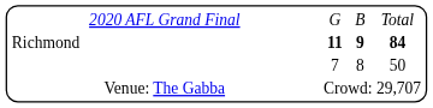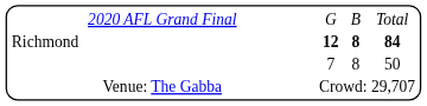 <table style="margin-right:4px; margin-top:8px; float:right; border:1px #000 solid; border-radius:8px; background:#fff; font-family:Verdana; font-size:8pt; text-align:center;">
 <tr>
 <td style="width:200px;"><em><a href='#'>2020 AFL Grand Final</a></em></td>
 <td><em>G</em></td>
 <td><em>B</em></td>
 <td><em>Total</em></td>
 </tr>
 <tr>
 <td style="text-align:left">Richmond</td>
-<td><strong>11</strong></td>
-<td><strong>9</strong></td>
+<td><strong>12</strong></td>
+<td><strong>8</strong></td>
 <td><strong>84</strong></td>
 </tr>
 <tr>
 <td style="text-align:left"></td>
 <td>7</td>
 <td>8</td>
 <td>50</td>
 </tr>
 <tr>
 <td>Venue: <a href='#'>The Gabba</a></td>
 <td colspan="3">Crowd: 29,707</td>
 </tr>
 </table>
